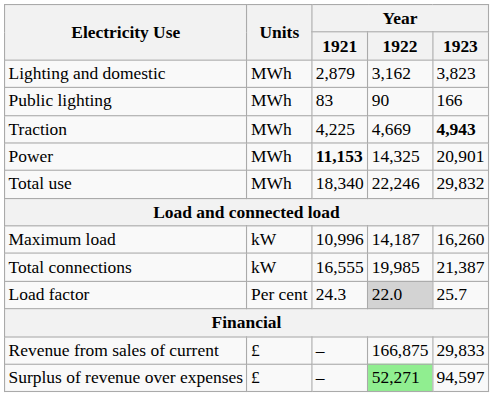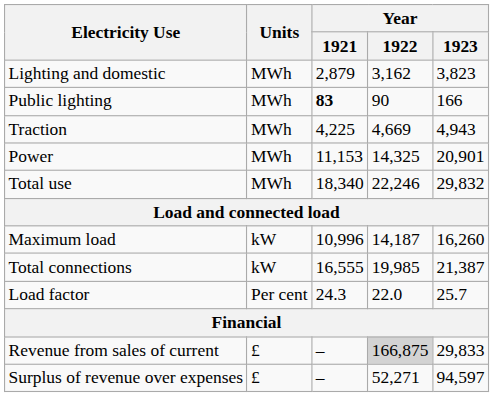 <table class="wikitable">
 <tr>
 <th rowspan="2">Electricity Use</th>
 <th rowspan="2">Units</th>
 <th colspan="3">Year</th>
 </tr>
 <tr>
 <th>1921</th>
 <th>1922</th>
 <th>1923</th>
 </tr>
 <tr>
 <td>Lighting and domestic</td>
 <td>MWh</td>
 <td>2,879</td>
 <td>3,162</td>
 <td>3,823</td>
 </tr>
 <tr>
 <td>Public lighting</td>
 <td>MWh</td>
-<td>83</td>
+<td><strong>83</strong></td>
 <td>90</td>
 <td>166</td>
 </tr>
 <tr>
 <td>Traction</td>
 <td>MWh</td>
 <td>4,225</td>
 <td>4,669</td>
-<td><strong>4,943</strong></td>
+<td>4,943</td>
 </tr>
 <tr>
 <td>Power</td>
 <td>MWh</td>
-<td><strong>11,153</strong></td>
+<td>11,153</td>
 <td>14,325</td>
 <td>20,901</td>
 </tr>
 <tr>
 <td>Total use</td>
 <td>MWh</td>
 <td>18,340</td>
 <td>22,246</td>
 <td>29,832</td>
 </tr>
 <tr>
 <th colspan="5">Load and connected load</th>
 </tr>
 <tr>
 <td>Maximum load</td>
 <td>kW</td>
 <td>10,996</td>
 <td>14,187</td>
 <td>16,260</td>
 </tr>
 <tr>
 <td>Total connections</td>
 <td>kW</td>
 <td>16,555</td>
 <td>19,985</td>
 <td>21,387</td>
 </tr>
 <tr>
 <td>Load factor</td>
 <td>Per cent</td>
 <td>24.3</td>
-<td style="background: lightgrey;">22.0</td>
+<td>22.0</td>
 <td>25.7</td>
 </tr>
 <tr>
 <th colspan="5">Financial</th>
 </tr>
 <tr>
 <td>Revenue from sales of current</td>
 <td>£</td>
 <td>–</td>
-<td>166,875</td>
+<td style="background: lightgrey;">166,875</td>
 <td>29,833</td>
 </tr>
 <tr>
 <td>Surplus of revenue over expenses</td>
 <td>£</td>
 <td>–</td>
-<td style="background: lightgreen;">52,271</td>
+<td>52,271</td>
 <td>94,597</td>
 </tr>
 </table>
